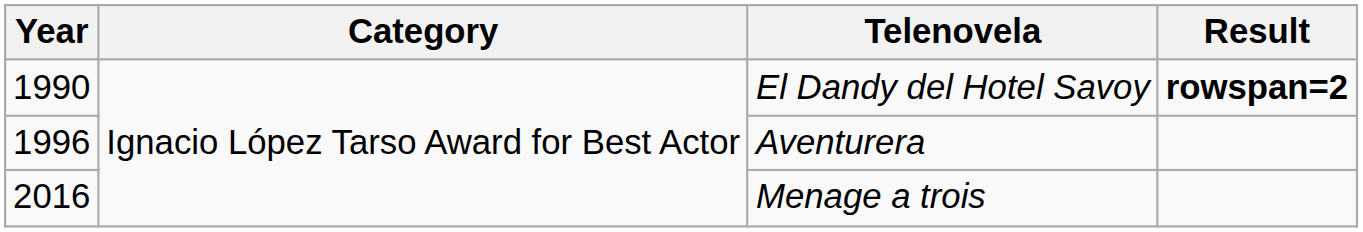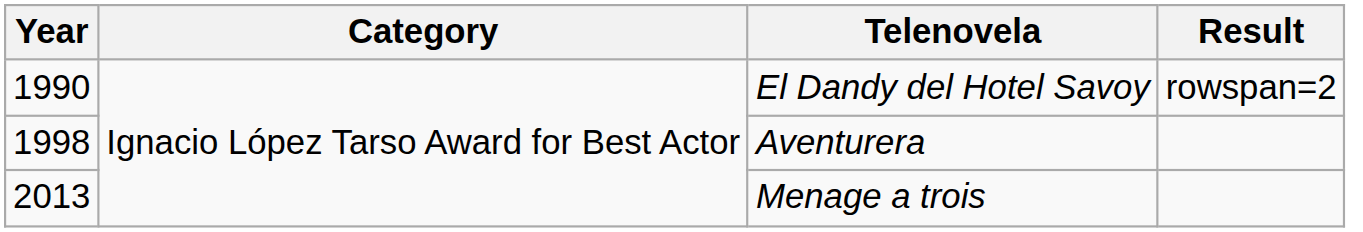 <table class="wikitable">
 <tr>
 <th><strong>Year</strong></th>
 <th><strong>Category</strong></th>
 <th><strong>Telenovela</strong></th>
 <th><strong>Result</strong></th>
 </tr>
 <tr>
 <td>1990</td>
 <td rowspan=3>Ignacio López Tarso Award for Best Actor</td>
 <td><em>El Dandy del Hotel Savoy</em></td>
-<td><strong>rowspan=2 </strong></td>
+<td>rowspan=2 </td>
 </tr>
 <tr>
-<td>1996</td>
+<td>1998</td>
 <td><em>Aventurera</em></td>
 </tr>
 <tr>
-<td>2016</td>
+<td>2013</td>
 <td><em>Menage a trois</em></td>
 <td></td>
 </tr>
 </table>
